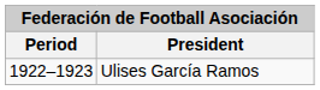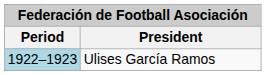 <table class="wikitable">
 <tr>
 <td colspan=2 style="background:#cccccc; text-align:center;"><strong>Federación de Football Asociación</strong></td>
 </tr>
 <tr>
 <th width= px>Period</th>
 <th width=200px>President</th>
 </tr>
 <tr>
-<td>1922–1923</td>
+<td style="background: lightblue;">1922–1923</td>
 <td>Ulises García Ramos</td>
 </tr>
 </table>
